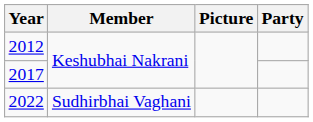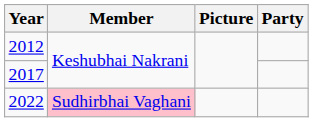 <table class="wikitable sortable">
 <tr>
 <th>Year</th>
 <th>Member</th>
 <th>Picture</th>
 <th colspan=2>Party</th>
 </tr>
 <tr>
 <td><a href='#'>2012</a></td>
 <td rowspan=2><a href='#'>Keshubhai Nakrani</a></td>
 <td rowspan=2></td>
 <td></td>
 </tr>
 <tr>
 <td><a href='#'>2017</a></td>
 </tr>
 <tr>
 <td><a href='#'>2022</a></td>
-<td><a href='#'>Sudhirbhai Vaghani</a></td>
+<td style="background: pink;"><a href='#'>Sudhirbhai Vaghani</a></td>
 <td></td>
 <td></td>
 </tr>
 </table>
